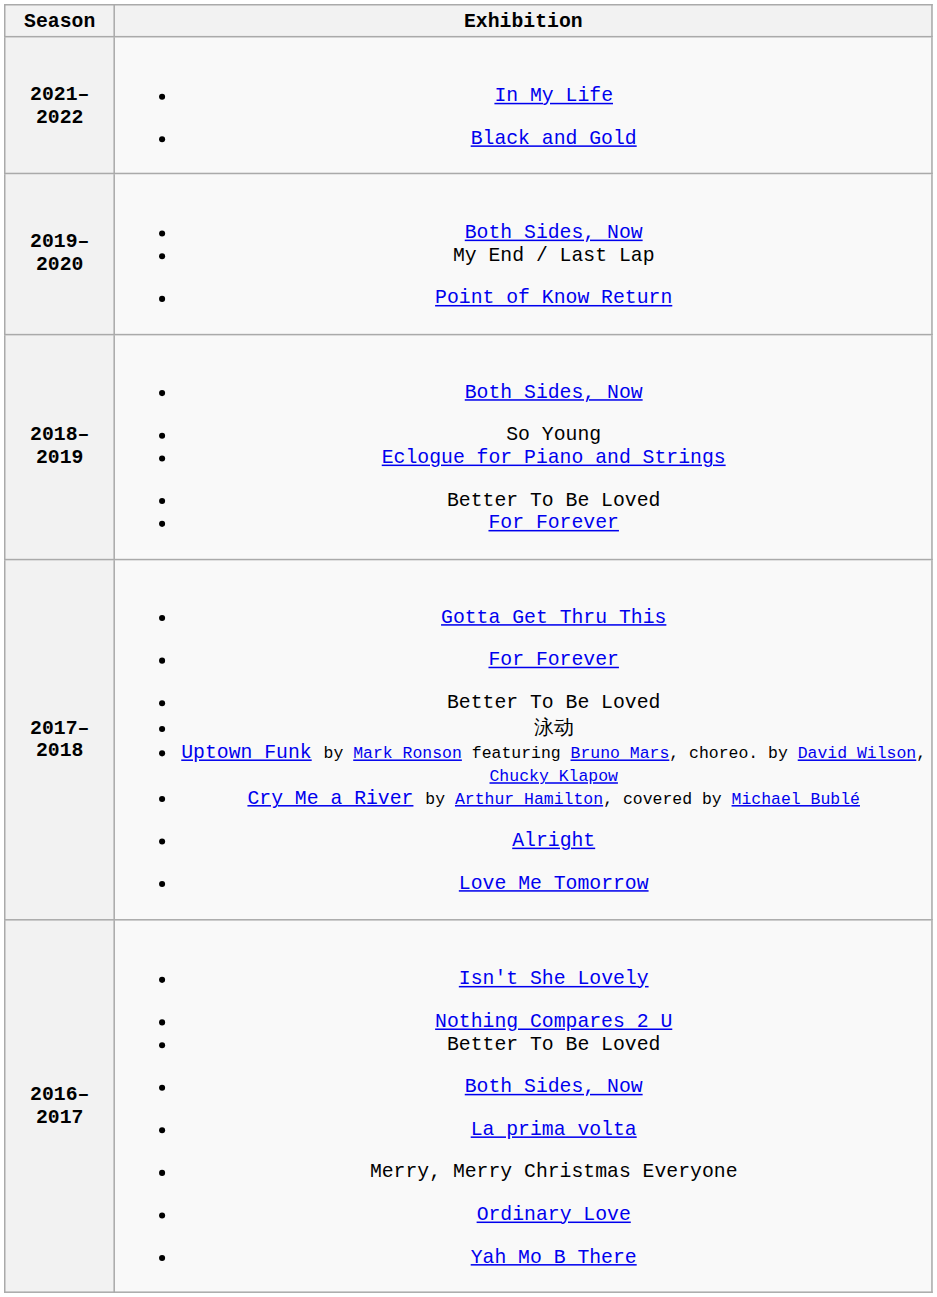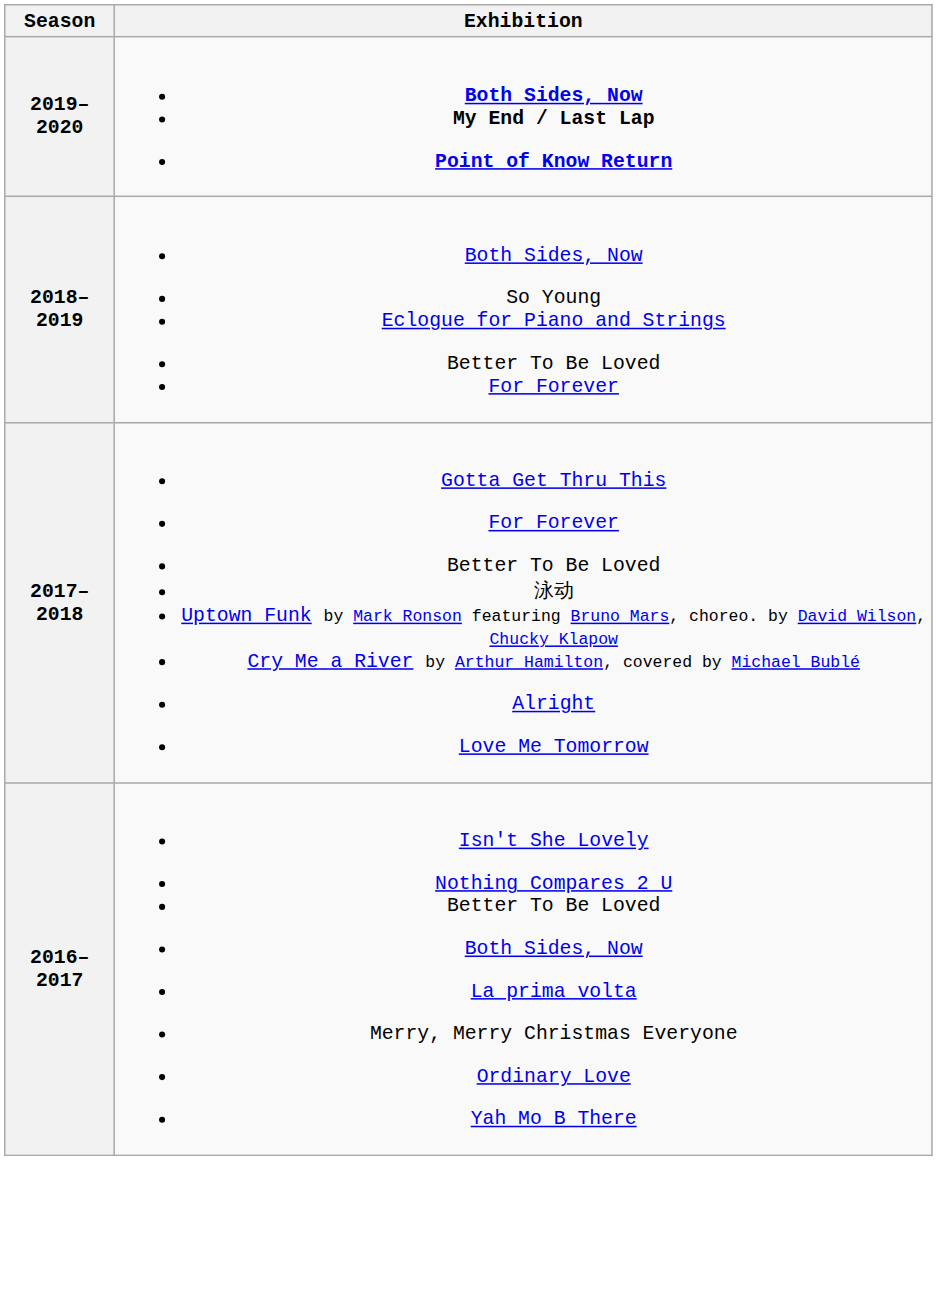 <table class="wikitable" style="text-align:center">
 <tr>
 <th>Season</th>
 <th>Exhibition</th>
 </tr>
 <tr>
-<th>2021–2022</th>
-<td><br><ul><li><a href='#'>In My Life</a> </li></ul><ul><li><a href='#'>Black and Gold</a> </li></ul></td>
-</tr>
-<tr>
 <th>2019–2020</th>
-<td><br><ul><li><a href='#'>Both Sides, Now</a> </li><li>My End / Last Lap </li></ul><ul><li><a href='#'>Point of Know Return</a> </li></ul></td>
+<td><strong><br><ul><li><a href='#'>Both Sides, Now</a> </li><li>My End / Last Lap </li></ul><ul><li><a href='#'>Point of Know Return</a> </li></ul></strong></td>
 </tr>
 <tr>
 <th>2018–2019</th>
 <td><br><ul><li><a href='#'>Both Sides, Now</a> </li></ul><ul><li>So Young </li><li><a href='#'>Eclogue for Piano and Strings</a> </li></ul><ul><li>Better To Be Loved </li><li><a href='#'>For Forever</a> </li></ul></td>
 </tr>
 <tr>
 <th>2017–2018</th>
 <td><br><ul><li><a href='#'>Gotta Get Thru This</a> </li></ul><ul><li><a href='#'>For Forever</a> </li></ul><ul><li>Better To Be Loved </li><li>泳动 </li><li><a href='#'>Uptown Funk</a> <small> by <a href='#'>Mark Ronson</a> featuring <a href='#'>Bruno Mars</a>, choreo. by <a href='#'>David Wilson</a>, <a href='#'>Chucky Klapow</a></small></li><li><a href='#'>Cry Me a River</a> <small> by <a href='#'>Arthur Hamilton</a>, covered by <a href='#'>Michael Bublé</a> </small></li></ul><ul><li><a href='#'>Alright</a> </li></ul><ul><li><a href='#'>Love Me Tomorrow</a> </li></ul></td>
 </tr>
 <tr>
 <th>2016–2017</th>
 <td><br><ul><li><a href='#'>Isn't She Lovely</a> </li></ul><ul><li><a href='#'>Nothing Compares 2 U</a> </li><li>Better To Be Loved </li></ul><ul><li><a href='#'>Both Sides, Now</a> </li></ul><ul><li><a href='#'>La prima volta</a> </li></ul><ul><li>Merry, Merry Christmas Everyone</li></ul> <ul><li><a href='#'>Ordinary Love</a> </li></ul><ul><li><a href='#'>Yah Mo B There</a> </li></ul></td>
 </tr>
 </table>
